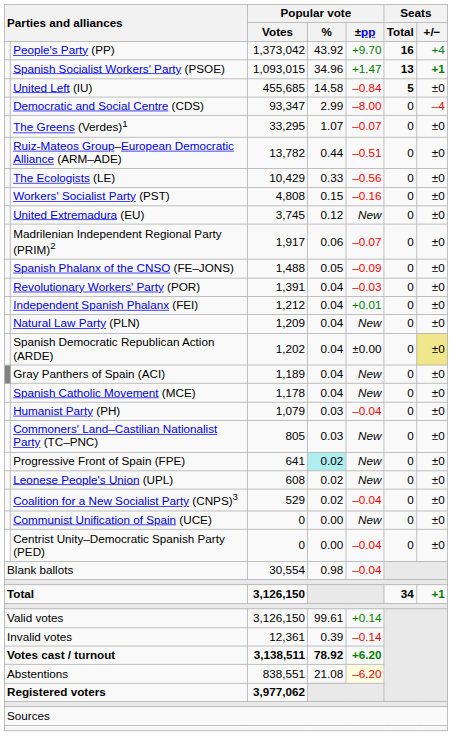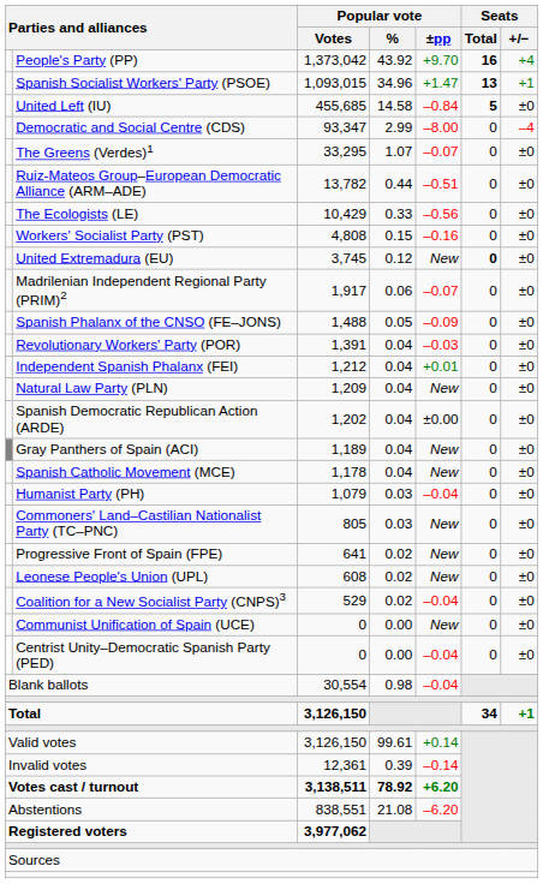 <table class="wikitable" style="text-align:right;">
 <tr>
 <th style="text-align:left;" rowspan="2" colspan="2" width="525">Parties and alliances</th>
 <th colspan="3">Popular vote</th>
 <th colspan="2">Seats</th>
 </tr>
 <tr>
 <th width="75">Votes</th>
 <th width="45">%</th>
 <th width="45">±<a href='#'>pp</a></th>
 <th width="35">Total</th>
 <th width="35">+/−</th>
 </tr>
 <tr>
 <td width="1" style="color:inherit;background:"></td>
 <td align="left"><a href='#'>People's Party</a> (PP)</td>
 <td>1,373,042</td>
 <td>43.92</td>
 <td style="color:green;">+9.70</td>
 <td><strong>16</strong></td>
 <td style="color:green;">+4</td>
 </tr>
 <tr>
 <td style="color:inherit;background:"></td>
 <td align="left"><a href='#'>Spanish Socialist Workers' Party</a> (PSOE)</td>
 <td>1,093,015</td>
 <td>34.96</td>
 <td style="color:green;">+1.47</td>
 <td><strong>13</strong></td>
-<td style="color:green;"><strong>+1</strong></td>
+<td style="color:green;">+1</td>
 </tr>
 <tr>
 <td style="color:inherit;background:"></td>
 <td align="left"><a href='#'>United Left</a> (IU)</td>
 <td>455,685</td>
 <td>14.58</td>
 <td style="color:red;">–0.84</td>
 <td><strong>5</strong></td>
 <td>±0</td>
 </tr>
 <tr>
 <td style="color:inherit;background:"></td>
 <td align="left"><a href='#'>Democratic and Social Centre</a> (CDS)</td>
 <td>93,347</td>
 <td>2.99</td>
 <td style="color:red;">–8.00</td>
 <td>0</td>
 <td style="color:red;">–4</td>
 </tr>
 <tr>
 <td style="color:inherit;background:"></td>
 <td align="left"><a href='#'>The Greens</a> (Verdes)<sup>1</sup></td>
 <td>33,295</td>
 <td>1.07</td>
 <td style="color:red;">–0.07</td>
 <td>0</td>
 <td>±0</td>
 </tr>
 <tr>
 <td style="color:inherit;background:"></td>
 <td align="left"><a href='#'>Ruiz-Mateos Group</a>–<a href='#'>European Democratic Alliance</a> (ARM–ADE)</td>
 <td>13,782</td>
 <td>0.44</td>
 <td style="color:red;">–0.51</td>
 <td>0</td>
 <td>±0</td>
 </tr>
 <tr>
 <td style="color:inherit;background:"></td>
 <td align="left"><a href='#'>The Ecologists</a> (LE)</td>
 <td>10,429</td>
 <td>0.33</td>
 <td style="color:red;">–0.56</td>
 <td>0</td>
 <td>±0</td>
 </tr>
 <tr>
 <td style="color:inherit;background:"></td>
 <td align="left"><a href='#'>Workers' Socialist Party</a> (PST)</td>
 <td>4,808</td>
 <td>0.15</td>
 <td style="color:red;">–0.16</td>
 <td>0</td>
 <td>±0</td>
 </tr>
 <tr>
 <td style="color:inherit;background:"></td>
 <td align="left"><a href='#'>United Extremadura</a> (EU)</td>
 <td>3,745</td>
 <td>0.12</td>
 <td><em>New</em></td>
-<td>0</td>
+<td><strong>0</strong></td>
 <td>±0</td>
 </tr>
 <tr>
 <td style="color:inherit;background:"></td>
 <td align="left">Madrilenian Independent Regional Party (PRIM)<sup>2</sup></td>
 <td>1,917</td>
 <td>0.06</td>
 <td style="color:red;">–0.07</td>
 <td>0</td>
 <td>±0</td>
 </tr>
 <tr>
 <td style="color:inherit;background:"></td>
 <td align="left"><a href='#'>Spanish Phalanx of the CNSO</a> (FE–JONS)</td>
 <td>1,488</td>
 <td>0.05</td>
 <td style="color:red;">–0.09</td>
 <td>0</td>
 <td>±0</td>
 </tr>
 <tr>
 <td style="color:inherit;background:"></td>
 <td align="left"><a href='#'>Revolutionary Workers' Party</a> (POR)</td>
 <td>1,391</td>
 <td>0.04</td>
 <td style="color:red;">–0.03</td>
 <td>0</td>
 <td>±0</td>
 </tr>
 <tr>
 <td style="color:inherit;background:"></td>
 <td align="left"><a href='#'>Independent Spanish Phalanx</a> (FEI)</td>
 <td>1,212</td>
 <td>0.04</td>
 <td style="color:green;">+0.01</td>
 <td>0</td>
 <td>±0</td>
 </tr>
 <tr>
 <td style="color:inherit;background:"></td>
 <td align="left"><a href='#'>Natural Law Party</a> (PLN)</td>
 <td>1,209</td>
 <td>0.04</td>
 <td><em>New</em></td>
 <td>0</td>
 <td>±0</td>
 </tr>
 <tr>
 <td style="color:inherit;background:"></td>
 <td align="left">Spanish Democratic Republican Action (ARDE)</td>
 <td>1,202</td>
 <td>0.04</td>
 <td>±0.00</td>
 <td>0</td>
-<td style="background: khaki;">±0</td>
+<td>±0</td>
 </tr>
 <tr>
 <td bgcolor="gray"></td>
 <td align="left">Gray Panthers of Spain (ACI)</td>
 <td>1,189</td>
 <td>0.04</td>
 <td><em>New</em></td>
 <td>0</td>
 <td>±0</td>
 </tr>
 <tr>
 <td style="color:inherit;background:"></td>
 <td align="left"><a href='#'>Spanish Catholic Movement</a> (MCE)</td>
 <td>1,178</td>
 <td>0.04</td>
 <td><em>New</em></td>
 <td>0</td>
 <td>±0</td>
 </tr>
 <tr>
 <td style="color:inherit;background:"></td>
 <td align="left"><a href='#'>Humanist Party</a> (PH)</td>
 <td>1,079</td>
 <td>0.03</td>
 <td style="color:red;">–0.04</td>
 <td>0</td>
 <td>±0</td>
 </tr>
 <tr>
 <td style="color:inherit;background:"></td>
 <td align="left"><a href='#'>Commoners' Land–Castilian Nationalist Party</a> (TC–PNC)</td>
 <td>805</td>
 <td>0.03</td>
 <td><em>New</em></td>
 <td>0</td>
 <td>±0</td>
 </tr>
 <tr>
 <td bgcolor="white"></td>
 <td align="left">Progressive Front of Spain (FPE)</td>
 <td>641</td>
-<td style="background: paleturquoise;">0.02</td>
+<td>0.02</td>
 <td><em>New</em></td>
 <td>0</td>
 <td>±0</td>
 </tr>
 <tr>
 <td style="color:inherit;background:"></td>
 <td align="left"><a href='#'>Leonese People's Union</a> (UPL)</td>
 <td>608</td>
 <td>0.02</td>
 <td><em>New</em></td>
 <td>0</td>
 <td>±0</td>
 </tr>
 <tr>
 <td style="color:inherit;background:"></td>
 <td align="left"><a href='#'>Coalition for a New Socialist Party</a> (CNPS)<sup>3</sup></td>
 <td>529</td>
 <td>0.02</td>
 <td style="color:red;">–0.04</td>
 <td>0</td>
 <td>±0</td>
 </tr>
 <tr>
 <td style="color:inherit;background:"></td>
 <td align="left"><a href='#'>Communist Unification of Spain</a> (UCE)</td>
 <td>0</td>
 <td>0.00</td>
 <td><em>New</em></td>
 <td>0</td>
 <td>±0</td>
 </tr>
 <tr>
 <td bgcolor="white"></td>
 <td align="left">Centrist Unity–Democratic Spanish Party (PED)</td>
 <td>0</td>
 <td>0.00</td>
 <td style="color:red;">–0.04</td>
 <td>0</td>
 <td>±0</td>
 </tr>
 <tr>
 <td align="left" colspan="2">Blank ballots</td>
 <td>30,554</td>
 <td>0.98</td>
 <td style="color:red;">–0.04</td>
 <td bgcolor="#E9E9E9" colspan="2"></td>
 </tr>
 <tr>
 <td colspan="7" bgcolor="#E9E9E9"></td>
 </tr>
 <tr style="font-weight:bold;">
 <td align="left" colspan="2">Total</td>
 <td>3,126,150</td>
 <td bgcolor="#E9E9E9" colspan="2"></td>
 <td>34</td>
 <td style="color:green;">+1</td>
 </tr>
 <tr>
 <td colspan="7" bgcolor="#E9E9E9"></td>
 </tr>
 <tr>
 <td align="left" colspan="2">Valid votes</td>
 <td>3,126,150</td>
 <td>99.61</td>
 <td style="color:green;">+0.14</td>
 <td bgcolor="#E9E9E9" colspan="2" rowspan="5"></td>
 </tr>
 <tr>
 <td align="left" colspan="2">Invalid votes</td>
 <td>12,361</td>
 <td>0.39</td>
 <td style="color:red;">–0.14</td>
 </tr>
 <tr style="font-weight:bold;">
 <td align="left" colspan="2">Votes cast / turnout</td>
 <td>3,138,511</td>
 <td>78.92</td>
 <td style="color:green;">+6.20</td>
 </tr>
 <tr>
 <td align="left" colspan="2">Abstentions</td>
 <td>838,551</td>
 <td>21.08</td>
-<td style="background: lightyellow; color:red;">–6.20</td>
+<td style="color:red;">–6.20</td>
 </tr>
 <tr style="font-weight:bold;">
 <td align="left" colspan="2">Registered voters</td>
 <td>3,977,062</td>
 <td bgcolor="#E9E9E9" colspan="2"></td>
 </tr>
 <tr>
 <td colspan="7" bgcolor="#E9E9E9"></td>
 </tr>
 <tr>
 <td align="left" colspan="7">Sources</td>
 </tr>
 <tr>
 <td colspan="7" style="text-align:left; max-width:790px;"></td>
 </tr>
 </table>
